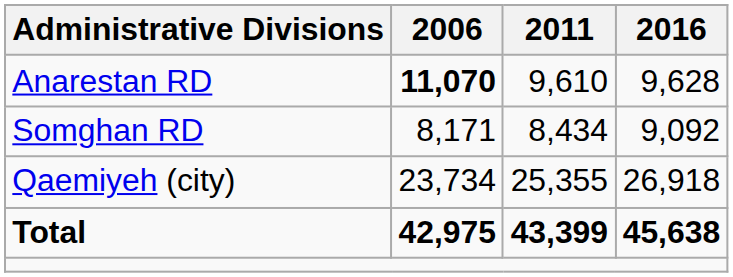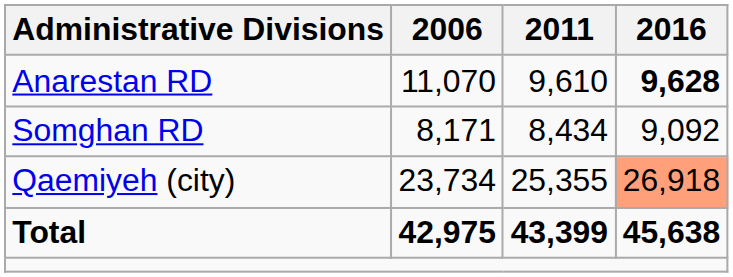 <table class="wikitable">
 <tr>
 <th>Administrative Divisions</th>
 <th>2006</th>
 <th>2011</th>
 <th>2016</th>
 </tr>
 <tr>
 <td><a href='#'>Anarestan RD</a></td>
-<td style="text-align: right;"><strong>11,070</strong></td>
+<td style="text-align: right;">11,070</td>
 <td style="text-align: right;">9,610</td>
-<td style="text-align: right;">9,628</td>
+<td style="text-align: right;"><strong>9,628</strong></td>
 </tr>
 <tr>
 <td><a href='#'>Somghan RD</a></td>
 <td style="text-align: right;">8,171</td>
 <td style="text-align: right;">8,434</td>
 <td style="text-align: right;">9,092</td>
 </tr>
 <tr>
 <td><a href='#'>Qaemiyeh</a> (city)</td>
 <td style="text-align: right;">23,734</td>
 <td style="text-align: right;">25,355</td>
-<td style="text-align: right;">26,918</td>
+<td style="background: lightsalmon; text-align: right;">26,918</td>
 </tr>
 <tr>
 <td><strong>Total</strong></td>
 <td style="text-align: right;"><strong>42,975</strong></td>
 <td style="text-align: right;"><strong>43,399</strong></td>
 <td style="text-align: right;"><strong>45,638</strong></td>
 </tr>
 <tr>
 <td colspan=4></td>
 </tr>
 </table>
